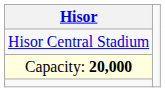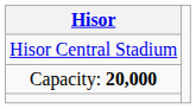 <table class="wikitable" style="text-align:center">
 <tr>
 <th><a href='#'>Hisor</a></th>
 <td rowspan=4></td>
 </tr>
 <tr>
 <td><a href='#'>Hisor Central Stadium</a></td>
 </tr>
 <tr>
-<td style="background: lightyellow;">Capacity: <strong>20,000</strong></td>
+<td>Capacity: <strong>20,000</strong></td>
 </tr>
 <tr>
 <td></td>
 </tr>
 </table>
